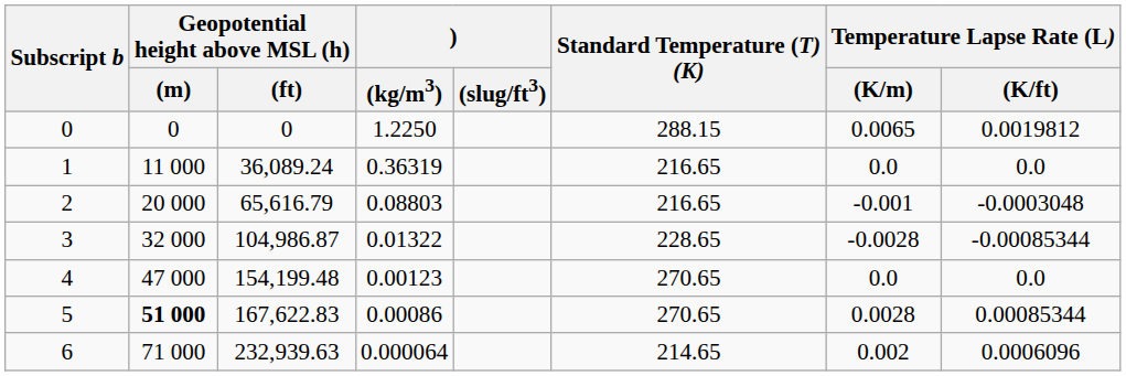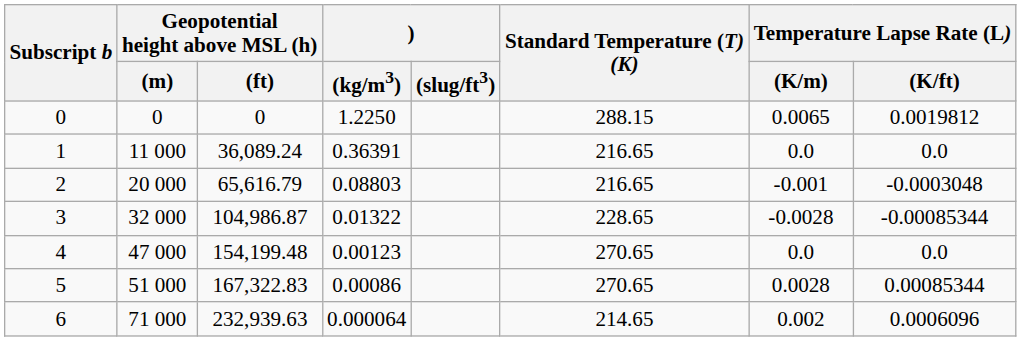 <table class="wikitable">
 <tr>
 <th rowspan="2">Subscript <em>b</em></th>
 <th colspan="2">Geopotential<br>height above MSL (h)</th>
 <th colspan="2">)</th>
 <th rowspan="2">Standard Temperature (<em>T<strong>)<br> (K)</th>
 <th colspan="2">Temperature Lapse Rate (</em>L<em>)</th>
 </tr>
 <tr>
 <th>(m)</th>
 <th>(ft)</th>
 <th>(kg/m<sup>3</sup>)</th>
 <th>(slug/ft<sup>3</sup>)</th>
 <th>(K/m)</th>
 <th>(K/ft)</th>
 </tr>
 <tr>
 <td align="center">0</td>
 <td align="center">0</td>
 <td align="center">0</td>
 <td align="center">1.2250</td>
 <td align="center"></td>
 <td align="center">288.15</td>
 <td align="center">0.0065</td>
 <td align="center">0.0019812</td>
 </tr>
 <tr>
 <td align="center">1</td>
 <td align="center">11 000</td>
 <td align="center">36,089.24</td>
-<td align="center">0.36319</td>
+<td align="center">0.36391</td>
 <td align="center"></td>
 <td align="center">216.65</td>
 <td align="center">0.0</td>
 <td align="center">0.0</td>
 </tr>
 <tr>
 <td align="center">2</td>
 <td align="center">20 000</td>
 <td align="center">65,616.79</td>
 <td align="center">0.08803</td>
 <td align="center"></td>
 <td align="center">216.65</td>
 <td align="center">-0.001</td>
 <td align="center">-0.0003048</td>
 </tr>
 <tr>
 <td align="center">3</td>
 <td align="center">32 000</td>
 <td align="center">104,986.87</td>
 <td align="center">0.01322</td>
 <td align="center"></td>
 <td align="center">228.65</td>
 <td align="center">-0.0028</td>
 <td align="center">-0.00085344</td>
 </tr>
 <tr>
 <td align="center">4</td>
 <td align="center">47 000</td>
 <td align="center">154,199.48</td>
 <td align="center">0.00123</td>
 <td align="center"></td>
 <td align="center">270.65</td>
 <td align="center">0.0</td>
 <td align="center">0.0</td>
 </tr>
 <tr>
 <td align="center">5</td>
-<td align="center"><strong>51 000</strong></td>
-<td align="center">167,622.83</td>
+<td align="center">51 000</td>
+<td align="center">167,322.83</td>
 <td align="center">0.00086</td>
 <td align="center"></td>
 <td align="center">270.65</td>
 <td align="center">0.0028</td>
 <td align="center">0.00085344</td>
 </tr>
 <tr>
 <td align="center">6</td>
 <td align="center">71 000</td>
 <td align="center">232,939.63</td>
 <td align="center">0.000064</td>
 <td align="center"></td>
 <td align="center">214.65</td>
 <td align="center">0.002</td>
 <td align="center">0.0006096</td>
 </tr>
 </table>
